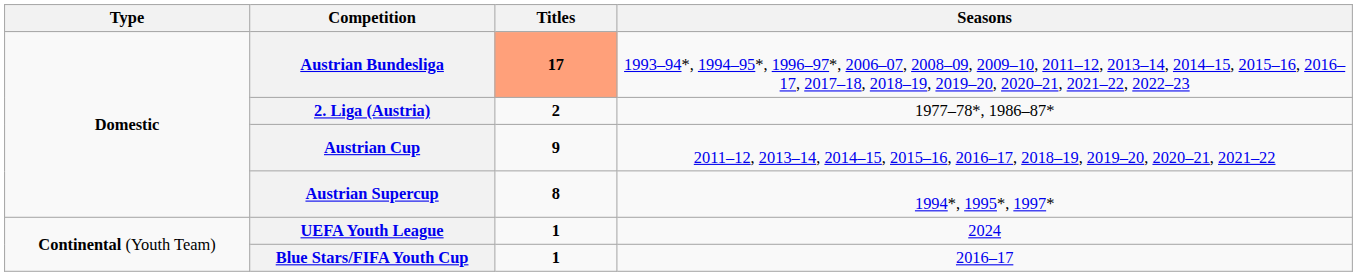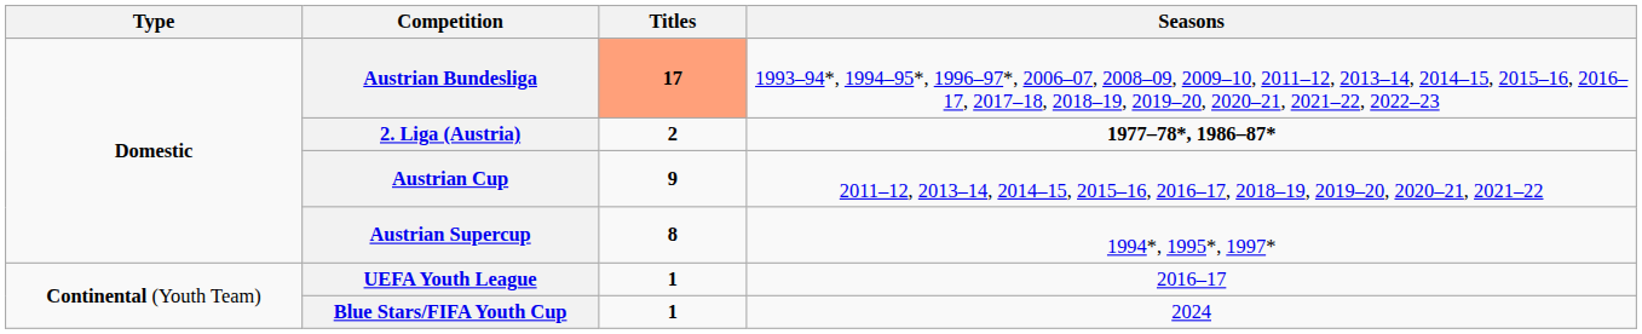 <table class="wikitable plainrowheaders" style="font-size:95%; text-align:center;">
 <tr>
 <th style="width: 10%;">Type</th>
 <th style="width: 10%;">Competition</th>
 <th style="width: 5%;">Titles</th>
 <th style="width: 30%;">Seasons</th>
 </tr>
 <tr>
 <td rowspan="4"><strong>Domestic</strong></td>
 <th scope=col><a href='#'>Austrian Bundesliga</a></th>
 <td style="background: lightsalmon;"><strong>17</strong></td>
 <td><br><a href='#'>1993–94</a>*,  <a href='#'>1994–95</a>*,  <a href='#'>1996–97</a>*,  <a href='#'>2006–07</a>,  <a href='#'>2008–09</a>,  <a href='#'>2009–10</a>,  <a href='#'>2011–12</a>,  <a href='#'>2013–14</a>,  <a href='#'>2014–15</a>,  <a href='#'>2015–16</a>,  <a href='#'>2016–17</a>,  <a href='#'>2017–18</a>,  <a href='#'>2018–19</a>,  <a href='#'>2019–20</a>,  <a href='#'>2020–21</a>,  <a href='#'>2021–22</a>,  <a href='#'>2022–23</a></td>
 </tr>
 <tr>
 <th scope="col"><strong><a href='#'>2. Liga (Austria)</a></strong></th>
 <td><strong>2</strong></td>
-<td>1977–78*, 1986–87*</td>
+<td><strong>1977–78*, 1986–87*</strong></td>
 </tr>
 <tr>
 <th scope=col><strong><a href='#'>Austrian Cup</a></strong></th>
 <td><strong>9</strong></td>
 <td><br><a href='#'>2011–12</a>, <a href='#'>2013–14</a>, <a href='#'>2014–15</a>, <a href='#'>2015–16</a>, <a href='#'>2016–17</a>, <a href='#'>2018–19</a>, <a href='#'>2019–20</a>, <a href='#'>2020–21</a>, <a href='#'>2021–22</a></td>
 </tr>
 <tr>
 <th scope=col><strong><a href='#'>Austrian Supercup</a></strong></th>
 <td><strong>8</strong></td>
 <td><br><a href='#'>1994</a>*,  <a href='#'>1995</a>*,  <a href='#'>1997</a>*</td>
 </tr>
 <tr>
 <td rowspan="2"><strong>Continental</strong> (Youth Team)</td>
 <th><a href='#'>UEFA Youth League</a></th>
 <td><strong>1</strong></td>
-<td><a href='#'>2024</a></td>
+<td><a href='#'>2016–17</a></td>
 </tr>
 <tr>
 <th><a href='#'>Blue Stars/FIFA Youth Cup</a></th>
 <td><strong>1</strong></td>
-<td><a href='#'>2016–17</a></td>
+<td><a href='#'>2024</a></td>
 </tr>
 </table>
